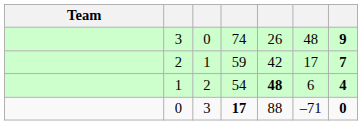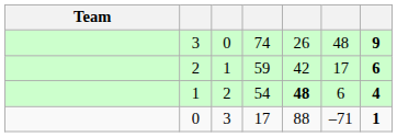 <table class="wikitable" style="text-align:center;">
 <tr>
 <th style="width:10.5em;">Team</th>
 <th style="width:1.5em;"></th>
 <th style="width:1.5em;"></th>
 <th style="width:2.0em;"></th>
 <th style="width:2.0em;"></th>
 <th style="width:2.0em;"></th>
 <th style="width:1.5em;"></th>
 </tr>
 <tr bgcolor=#cfc>
 <td align="left"></td>
 <td>3</td>
 <td>0</td>
 <td>74</td>
 <td>26</td>
 <td>48</td>
 <td><strong>9</strong></td>
 </tr>
 <tr bgcolor=#cfc>
 <td align="left"></td>
 <td>2</td>
 <td>1</td>
 <td>59</td>
 <td>42</td>
 <td>17</td>
-<td><strong>7</strong></td>
+<td><strong>6</strong></td>
 </tr>
 <tr bgcolor=#cfc>
 <td align="left"></td>
 <td>1</td>
 <td>2</td>
 <td>54</td>
 <td><strong>48</strong></td>
 <td>6</td>
 <td><strong>4</strong></td>
 </tr>
 <tr>
 <td align="left"></td>
 <td>0</td>
 <td>3</td>
-<td><strong>17</strong></td>
+<td>17</td>
 <td>88</td>
 <td>–71</td>
-<td><strong>0</strong></td>
+<td><strong>1</strong></td>
 </tr>
 </table>
